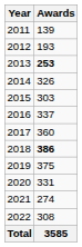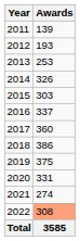 <table class="wikitable">
 <tr>
 <th>Year</th>
 <th>Awards</th>
 </tr>
 <tr>
 <td>2011</td>
 <td>139</td>
 </tr>
 <tr>
 <td>2012</td>
 <td>193</td>
 </tr>
 <tr>
 <td>2013</td>
-<td><strong>253</strong></td>
+<td>253</td>
 </tr>
 <tr>
 <td>2014</td>
 <td>326</td>
 </tr>
 <tr>
 <td>2015</td>
 <td>303</td>
 </tr>
 <tr>
 <td>2016</td>
 <td>337</td>
 </tr>
 <tr>
 <td>2017</td>
 <td>360</td>
 </tr>
 <tr>
 <td>2018</td>
-<td><strong>386</strong></td>
+<td>386</td>
 </tr>
 <tr>
 <td>2019</td>
 <td>375</td>
 </tr>
 <tr>
 <td>2020</td>
 <td>331</td>
 </tr>
 <tr>
 <td>2021</td>
 <td>274</td>
 </tr>
 <tr>
 <td>2022</td>
-<td>308</td>
+<td style="background: lightsalmon;">308</td>
 </tr>
 <tr>
 <th>Total</th>
 <th>3585</th>
 </tr>
 </table>
